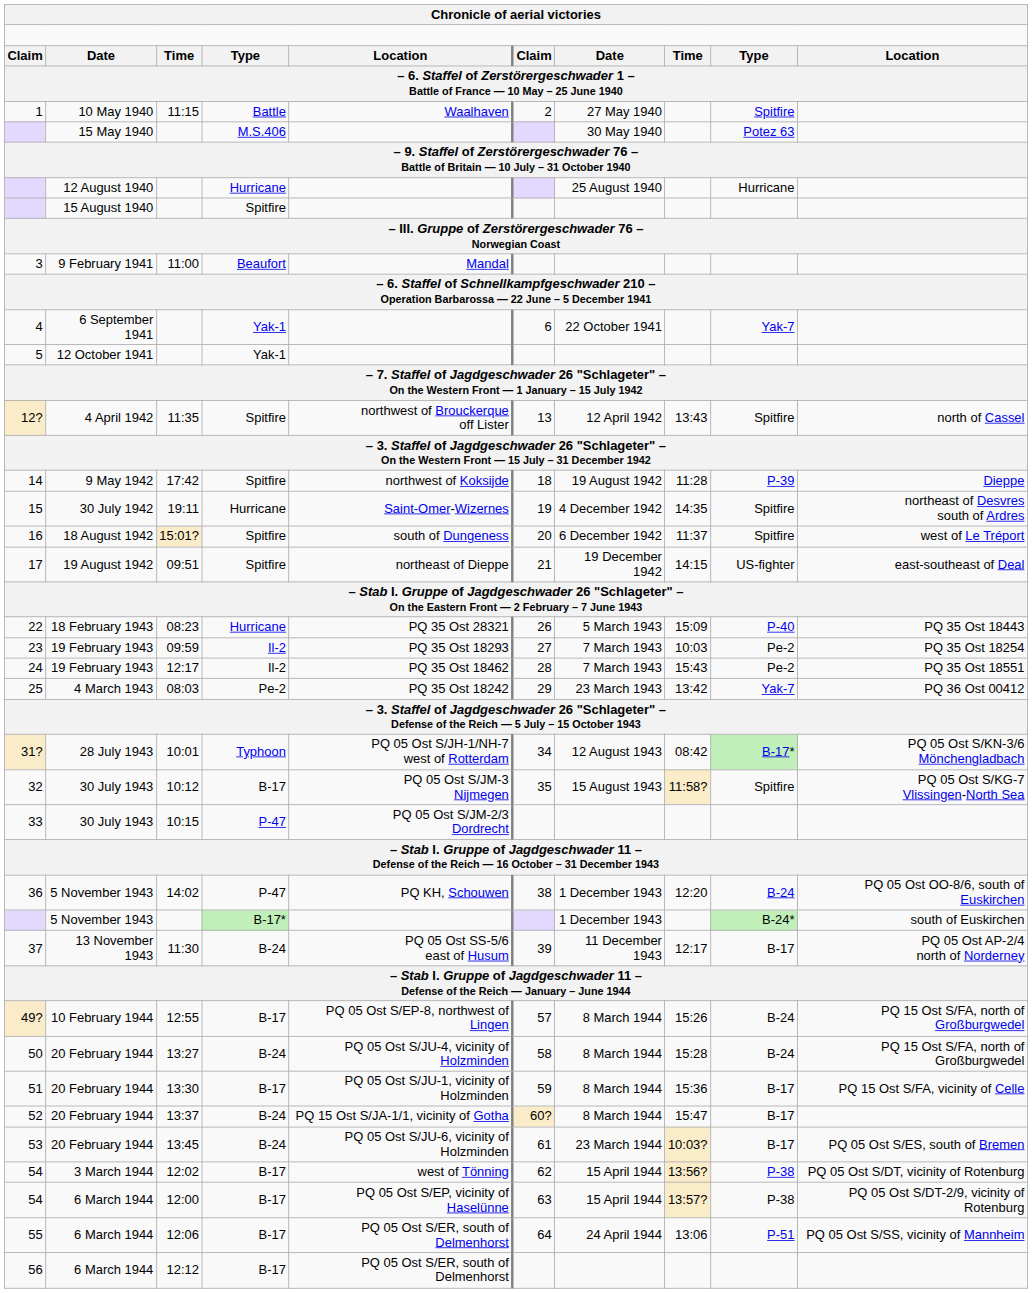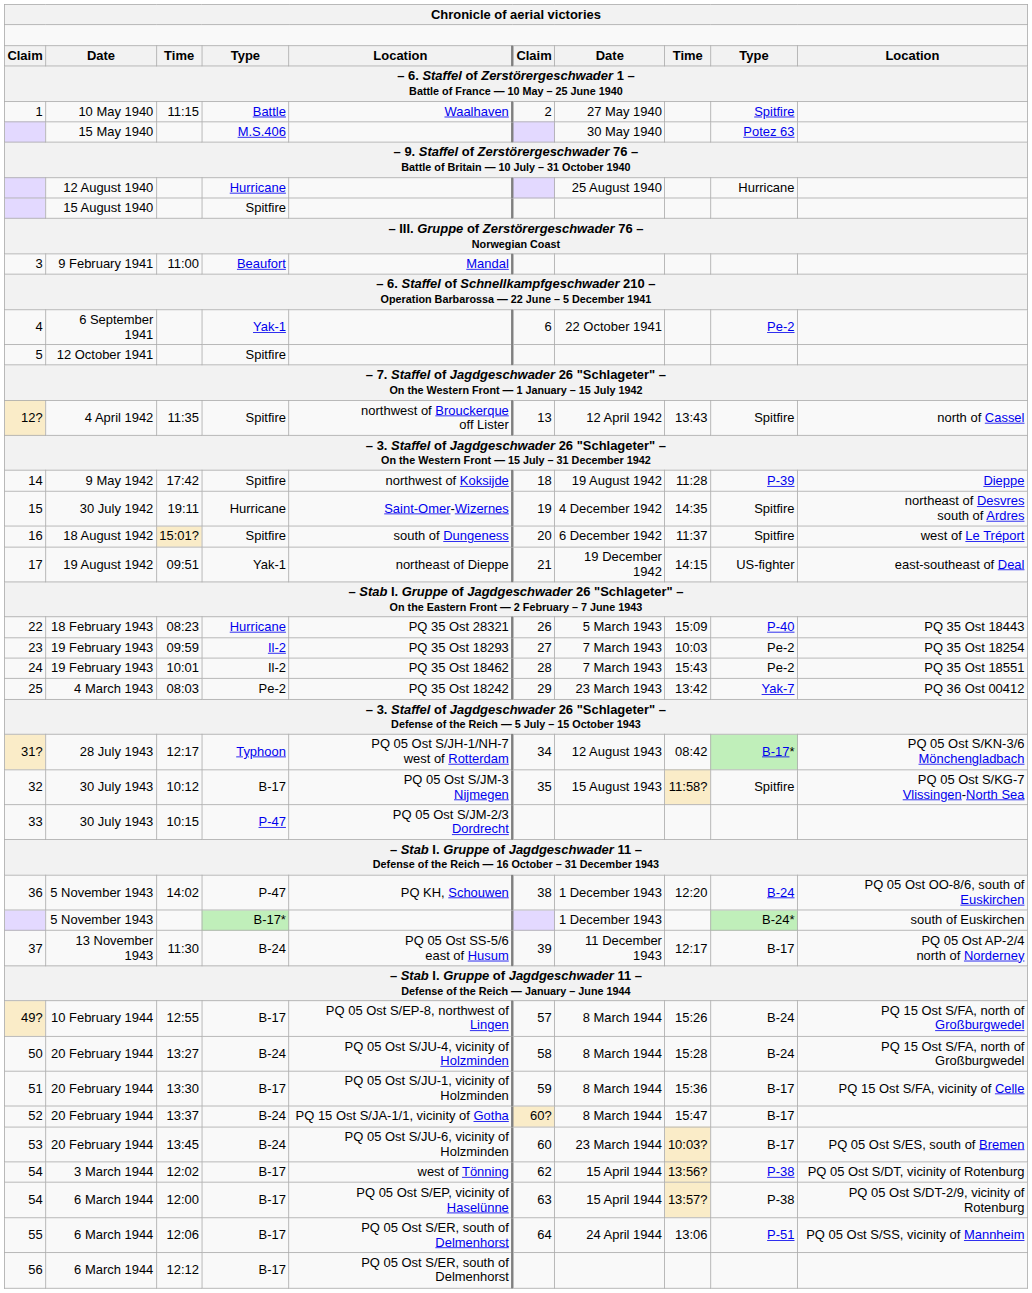 <table class="wikitable plainrowheaders collapsible" style="margin-left: auto; margin-right: auto; border: none; text-align:right; width: 100%;">
 <tr>
 <th colspan="10">Chronicle of aerial victories</th>
 </tr>
 <tr>
 <td colspan="10" style="text-align: left;"><br>  </td>
 </tr>
 <tr>
 <th scope="col">Claim</th>
 <th scope="col">Date</th>
 <th scope="col">Time</th>
 <th scope="col" width="100px">Type</th>
 <th scope="col">Location</th>
 <th scope="col" style="border-left: 3px solid grey;">Claim</th>
 <th scope="col">Date</th>
 <th scope="col">Time</th>
 <th scope="col" width="100px">Type</th>
 <th scope="col">Location</th>
 </tr>
 <tr>
 <th colspan="10">– 6. <em>Staffel</em> of <em>Zerstörergeschwader</em> 1 –<br><small>Battle of France — 10 May – 25 June 1940</small></th>
 </tr>
 <tr>
 <td>1</td>
 <td>10 May 1940</td>
 <td>11:15</td>
 <td><a href='#'>Battle</a></td>
 <td><a href='#'>Waalhaven</a></td>
 <td style="border-left: 3px solid grey;">2</td>
 <td>27 May 1940</td>
 <td></td>
 <td><a href='#'>Spitfire</a></td>
 <td></td>
 </tr>
 <tr>
 <td style="background:#e3d9ff;"></td>
 <td>15 May 1940</td>
 <td></td>
 <td><a href='#'>M.S.406</a></td>
 <td></td>
 <td style="border-left: 3px solid grey; background:#e3d9ff;"></td>
 <td>30 May 1940</td>
 <td></td>
 <td><a href='#'>Potez 63</a></td>
 <td></td>
 </tr>
 <tr>
 <th colspan="10">– 9. <em>Staffel</em> of <em>Zerstörergeschwader</em> 76 –<br><small>Battle of Britain — 10 July – 31 October 1940</small></th>
 </tr>
 <tr>
 <td style="background:#e3d9ff;"></td>
 <td>12 August 1940</td>
 <td></td>
 <td><a href='#'>Hurricane</a></td>
 <td></td>
 <td style="border-left: 3px solid grey; background:#e3d9ff;"></td>
 <td>25 August 1940</td>
 <td></td>
 <td>Hurricane</td>
 <td></td>
 </tr>
 <tr>
 <td style="background:#e3d9ff;"></td>
 <td>15 August 1940</td>
 <td></td>
 <td>Spitfire</td>
 <td></td>
 <td style="border-left: 3px solid grey;"></td>
 <td></td>
 <td></td>
 <td></td>
 <td></td>
 </tr>
 <tr>
 <th colspan="10">– III. <em>Gruppe</em> of <em>Zerstörergeschwader</em> 76 –<br><small>Norwegian Coast</small></th>
 </tr>
 <tr>
 <td>3</td>
 <td>9 February 1941</td>
 <td>11:00</td>
 <td><a href='#'>Beaufort</a></td>
 <td><a href='#'>Mandal</a></td>
 <td style="border-left: 3px solid grey;"></td>
 <td></td>
 <td></td>
 <td></td>
 <td></td>
 </tr>
 <tr>
 <th colspan="10">– 6. <em>Staffel</em> of <em>Schnellkampfgeschwader</em> 210 –<br><small>Operation Barbarossa — 22 June – 5 December 1941</small></th>
 </tr>
 <tr>
 <td>4</td>
 <td>6 September 1941</td>
 <td></td>
 <td><a href='#'>Yak-1</a></td>
 <td></td>
 <td style="border-left: 3px solid grey;">6</td>
 <td>22 October 1941</td>
 <td></td>
-<td><a href='#'>Yak-7</a></td>
+<td><a href='#'>Pe-2</a></td>
 <td></td>
 </tr>
 <tr>
 <td>5</td>
 <td>12 October 1941</td>
 <td></td>
-<td>Yak-1</td>
+<td>Spitfire</td>
 <td></td>
 <td style="border-left: 3px solid grey;"></td>
 <td></td>
 <td></td>
 <td></td>
 <td></td>
 </tr>
 <tr>
 <th colspan="10">– 7. <em>Staffel</em> of <em>Jagdgeschwader</em> 26 "Schlageter" –<br><small>On the Western Front — 1 January – 15 July 1942</small></th>
 </tr>
 <tr>
 <td style="background:#faecc8">12?</td>
 <td>4 April 1942</td>
 <td>11:35</td>
 <td>Spitfire</td>
 <td>northwest of <a href='#'>Brouckerque</a><br>off Lister</td>
 <td style="border-left: 3px solid grey;">13</td>
 <td>12 April 1942</td>
 <td>13:43</td>
 <td>Spitfire</td>
 <td> north of <a href='#'>Cassel</a></td>
 </tr>
 <tr>
 <th colspan="10">– 3. <em>Staffel</em> of <em>Jagdgeschwader</em> 26 "Schlageter" –<br><small>On the Western Front — 15 July – 31 December 1942</small></th>
 </tr>
 <tr>
 <td>14</td>
 <td>9 May 1942</td>
 <td>17:42</td>
 <td>Spitfire</td>
 <td> northwest of <a href='#'>Koksijde</a></td>
 <td style="border-left: 3px solid grey;">18</td>
 <td>19 August 1942</td>
 <td>11:28</td>
 <td><a href='#'>P-39</a></td>
 <td><a href='#'>Dieppe</a></td>
 </tr>
 <tr>
 <td>15</td>
 <td>30 July 1942</td>
 <td>19:11</td>
 <td>Hurricane</td>
 <td><a href='#'>Saint-Omer</a>-<a href='#'>Wizernes</a></td>
 <td style="border-left: 3px solid grey;">19</td>
 <td>4 December 1942</td>
 <td>14:35</td>
 <td>Spitfire</td>
 <td> northeast of <a href='#'>Desvres</a><br>south of <a href='#'>Ardres</a></td>
 </tr>
 <tr>
 <td>16</td>
 <td>18 August 1942</td>
 <td style="background:#faecc8">15:01?</td>
 <td>Spitfire</td>
 <td> south of <a href='#'>Dungeness</a></td>
 <td style="border-left: 3px solid grey;">20</td>
 <td>6 December 1942</td>
 <td>11:37</td>
 <td>Spitfire</td>
 <td> west of <a href='#'>Le Tréport</a></td>
 </tr>
 <tr>
 <td>17</td>
 <td>19 August 1942</td>
 <td>09:51</td>
-<td>Spitfire</td>
+<td>Yak-1</td>
 <td>northeast of Dieppe</td>
 <td style="border-left: 3px solid grey;">21</td>
 <td>19 December 1942</td>
 <td>14:15</td>
 <td>US-fighter</td>
 <td> east-southeast of <a href='#'>Deal</a></td>
 </tr>
 <tr>
 <th colspan="10">– <em>Stab</em> I. <em>Gruppe</em> of <em>Jagdgeschwader</em> 26 "Schlageter" –<br><small>On the Eastern Front — 2 February – 7 June 1943</small></th>
 </tr>
 <tr>
 <td>22</td>
 <td>18 February 1943</td>
 <td>08:23</td>
 <td><a href='#'>Hurricane</a></td>
 <td>PQ 35 Ost 28321</td>
 <td style="border-left: 3px solid grey;">26</td>
 <td>5 March 1943</td>
 <td>15:09</td>
 <td><a href='#'>P-40</a></td>
 <td>PQ 35 Ost 18443</td>
 </tr>
 <tr>
 <td>23</td>
 <td>19 February 1943</td>
 <td>09:59</td>
 <td><a href='#'>Il-2</a></td>
 <td>PQ 35 Ost 18293</td>
 <td style="border-left: 3px solid grey;">27</td>
 <td>7 March 1943</td>
 <td>10:03</td>
 <td>Pe-2</td>
 <td>PQ 35 Ost 18254</td>
 </tr>
 <tr>
 <td>24</td>
 <td>19 February 1943</td>
-<td>12:17</td>
+<td>10:01</td>
 <td>Il-2</td>
 <td>PQ 35 Ost 18462</td>
 <td style="border-left: 3px solid grey;">28</td>
 <td>7 March 1943</td>
 <td>15:43</td>
 <td>Pe-2</td>
 <td>PQ 35 Ost 18551</td>
 </tr>
 <tr>
 <td>25</td>
 <td>4 March 1943</td>
 <td>08:03</td>
 <td>Pe-2</td>
 <td>PQ 35 Ost 18242</td>
 <td style="border-left: 3px solid grey;">29</td>
 <td>23 March 1943</td>
 <td>13:42</td>
 <td><a href='#'>Yak-7</a></td>
 <td>PQ 36 Ost 00412</td>
 </tr>
 <tr>
 <th colspan="10">– 3. <em>Staffel</em> of <em>Jagdgeschwader</em> 26 "Schlageter" –<br><small>Defense of the Reich — 5 July – 15 October 1943</small></th>
 </tr>
 <tr>
 <td style="background:#faecc8">31?</td>
 <td>28 July 1943</td>
-<td>10:01</td>
+<td>12:17</td>
 <td><a href='#'>Typhoon</a></td>
 <td>PQ 05 Ost S/JH-1/NH-7<br>west of <a href='#'>Rotterdam</a></td>
 <td style="border-left: 3px solid grey;">34</td>
 <td>12 August 1943</td>
 <td>08:42</td>
 <td style="background:#C0EFBA"><a href='#'>B-17</a>*</td>
 <td>PQ 05 Ost S/KN-3/6<br><a href='#'>Mönchengladbach</a></td>
 </tr>
 <tr>
 <td>32</td>
 <td>30 July 1943</td>
 <td>10:12</td>
 <td>B-17</td>
 <td>PQ 05 Ost S/JM-3<br><a href='#'>Nijmegen</a></td>
 <td style="border-left: 3px solid grey;">35</td>
 <td>15 August 1943</td>
 <td style="background:#faecc8">11:58?</td>
 <td>Spitfire</td>
 <td>PQ 05 Ost S/KG-7<br><a href='#'>Vlissingen</a>-<a href='#'>North Sea</a></td>
 </tr>
 <tr>
 <td>33</td>
 <td>30 July 1943</td>
 <td>10:15</td>
 <td><a href='#'>P-47</a></td>
 <td>PQ 05 Ost S/JM-2/3<br><a href='#'>Dordrecht</a></td>
 <td style="border-left: 3px solid grey;"></td>
 <td></td>
 <td></td>
 <td></td>
 <td></td>
 </tr>
 <tr>
 <th colspan="10">– <em>Stab</em> I. <em>Gruppe</em> of <em>Jagdgeschwader</em> 11 –<br><small>Defense of the Reich — 16 October – 31 December 1943</small></th>
 </tr>
 <tr>
 <td>36</td>
 <td>5 November 1943</td>
 <td>14:02</td>
 <td>P-47</td>
 <td>PQ KH, <a href='#'>Schouwen</a></td>
 <td style="border-left: 3px solid grey;">38</td>
 <td>1 December 1943</td>
 <td>12:20</td>
 <td><a href='#'>B-24</a></td>
 <td>PQ 05 Ost OO-8/6, south of <a href='#'>Euskirchen</a></td>
 </tr>
 <tr>
 <td style="background:#e3d9ff;"></td>
 <td>5 November 1943</td>
 <td></td>
 <td style="background:#C0EFBA">B-17*</td>
 <td></td>
 <td style="border-left: 3px solid grey; background:#e3d9ff;"></td>
 <td>1 December 1943</td>
 <td></td>
 <td style="background:#C0EFBA">B-24*</td>
 <td>south of Euskirchen</td>
 </tr>
 <tr>
 <td>37</td>
 <td>13 November 1943</td>
 <td>11:30</td>
 <td>B-24</td>
 <td>PQ 05 Ost SS-5/6<br>east of <a href='#'>Husum</a></td>
 <td style="border-left: 3px solid grey;">39</td>
 <td>11 December 1943</td>
 <td>12:17</td>
 <td>B-17</td>
 <td>PQ 05 Ost AP-2/4<br> north of <a href='#'>Norderney</a></td>
 </tr>
 <tr>
 <th colspan="10">– <em>Stab</em> I. <em>Gruppe</em> of <em>Jagdgeschwader</em> 11 –<br><small>Defense of the Reich — January – June 1944</small></th>
 </tr>
 <tr>
 <td style="background:#faecc8">49?</td>
 <td>10 February 1944</td>
 <td>12:55</td>
 <td>B-17</td>
 <td>PQ 05 Ost S/EP-8, northwest of <a href='#'>Lingen</a></td>
 <td style="border-left: 3px solid grey;">57</td>
 <td>8 March 1944</td>
 <td>15:26</td>
 <td>B-24</td>
 <td>PQ 15 Ost S/FA, north of <a href='#'>Großburgwedel</a></td>
 </tr>
 <tr>
 <td>50</td>
 <td>20 February 1944</td>
 <td>13:27</td>
 <td>B-24</td>
 <td>PQ 05 Ost S/JU-4, vicinity of <a href='#'>Holzminden</a></td>
 <td style="border-left: 3px solid grey;">58</td>
 <td>8 March 1944</td>
 <td>15:28</td>
 <td>B-24</td>
 <td>PQ 15 Ost S/FA, north of Großburgwedel</td>
 </tr>
 <tr>
 <td>51</td>
 <td>20 February 1944</td>
 <td>13:30</td>
 <td>B-17</td>
 <td>PQ 05 Ost S/JU-1, vicinity of Holzminden</td>
 <td style="border-left: 3px solid grey;">59</td>
 <td>8 March 1944</td>
 <td>15:36</td>
 <td>B-17</td>
 <td>PQ 15 Ost S/FA, vicinity of <a href='#'>Celle</a></td>
 </tr>
 <tr>
 <td>52</td>
 <td>20 February 1944</td>
 <td>13:37</td>
 <td>B-24</td>
 <td>PQ 15 Ost S/JA-1/1, vicinity of <a href='#'>Gotha</a></td>
 <td style="border-left: 3px solid grey; background:#faecc8">60?</td>
 <td>8 March 1944</td>
 <td>15:47</td>
 <td>B-17</td>
 <td></td>
 </tr>
 <tr>
 <td>53</td>
 <td>20 February 1944</td>
 <td>13:45</td>
 <td>B-24</td>
 <td>PQ 05 Ost S/JU-6, vicinity of Holzminden</td>
-<td style="border-left: 3px solid grey;">61</td>
+<td style="border-left: 3px solid grey;">60</td>
 <td>23 March 1944</td>
 <td style="background:#faecc8">10:03?</td>
 <td>B-17</td>
 <td>PQ 05 Ost S/ES, south of <a href='#'>Bremen</a></td>
 </tr>
 <tr>
 <td>54</td>
 <td>3 March 1944</td>
 <td>12:02</td>
 <td>B-17</td>
 <td>west of <a href='#'>Tönning</a></td>
 <td style="border-left: 3px solid grey;">62</td>
 <td>15 April 1944</td>
 <td style="background:#faecc8">13:56?</td>
 <td><a href='#'>P-38</a></td>
 <td>PQ 05 Ost S/DT, vicinity of Rotenburg</td>
 </tr>
 <tr>
 <td>54</td>
 <td>6 March 1944</td>
 <td>12:00</td>
 <td>B-17</td>
 <td>PQ 05 Ost S/EP, vicinity of <a href='#'>Haselünne</a></td>
 <td style="border-left: 3px solid grey;">63</td>
 <td>15 April 1944</td>
 <td style="background:#faecc8">13:57?</td>
 <td>P-38</td>
 <td>PQ 05 Ost S/DT-2/9, vicinity of Rotenburg</td>
 </tr>
 <tr>
 <td>55</td>
 <td>6 March 1944</td>
 <td>12:06</td>
 <td>B-17</td>
 <td>PQ 05 Ost S/ER, south of <a href='#'>Delmenhorst</a></td>
 <td style="border-left: 3px solid grey;">64</td>
 <td>24 April 1944</td>
 <td>13:06</td>
 <td><a href='#'>P-51</a></td>
 <td>PQ 05 Ost S/SS, vicinity of <a href='#'>Mannheim</a></td>
 </tr>
 <tr>
 <td>56</td>
 <td>6 March 1944</td>
 <td>12:12</td>
 <td>B-17</td>
 <td>PQ 05 Ost S/ER, south of Delmenhorst</td>
 <td style="border-left: 3px solid grey;"></td>
 <td></td>
 <td></td>
 <td></td>
 <td></td>
 </tr>
 </table>
